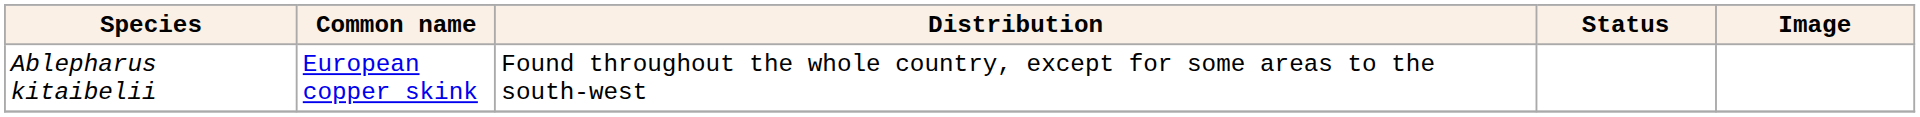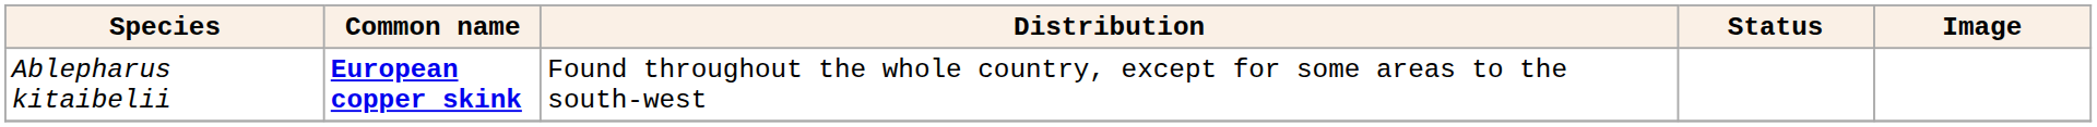 <table class="sortable wikitable plainrowheaders" border="0" style="background:#ffffff" align="top" class="sortable wikitable">
 <tr ->
 <th scope="col" style="background-color:Linen; color:Black" width=150 px>Species</th>
 <th scope="col" style="background-color:Linen; color:Black" width=100 px>Common name</th>
 <th scope="col" style="background:Linen; color:Black" width=550 px>Distribution</th>
 <th scope="col" style="background-color:Linen; color:Black" width=90 px>Status</th>
 <th scope="col" style="background:Linen; color:Black" width=100 px>Image</th>
 </tr>
 <tr>
 <td !scope="row" style="background:#ffffff"><em>Ablepharus kitaibelii</em></td>
-<td><a href='#'>European copper skink</a></td>
+<td><strong><a href='#'>European copper skink</a></strong></td>
 <td>Found throughout the whole country, except for some areas to the south-west</td>
 <td></td>
 <td></td>
 </tr>
 <tr>
 </tr>
 </table>
